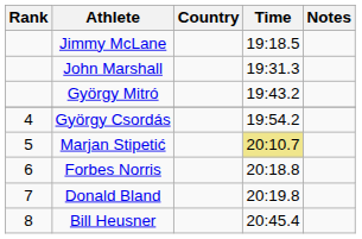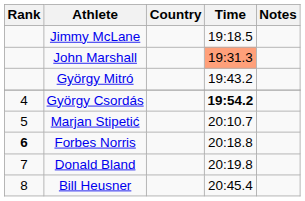 <table class="wikitable sortable" style="text-align:center">
 <tr>
 <th>Rank</th>
 <th>Athlete</th>
 <th>Country</th>
 <th>Time</th>
 <th>Notes</th>
 </tr>
 <tr>
 <td></td>
 <td><a href='#'>Jimmy McLane</a></td>
 <td align=left></td>
 <td>19:18.5</td>
 <td><strong> </strong></td>
 </tr>
 <tr>
 <td></td>
 <td><a href='#'>John Marshall</a></td>
 <td align=left></td>
-<td>19:31.3</td>
+<td style="background: lightsalmon;">19:31.3</td>
 <td><strong> </strong></td>
 </tr>
 <tr>
 <td></td>
 <td><a href='#'>György Mitró</a></td>
 <td align=left></td>
 <td>19:43.2</td>
 <td><strong> </strong></td>
 </tr>
 <tr>
 </tr>
 <tr>
 <td>4</td>
 <td><a href='#'>György Csordás</a></td>
 <td align=left></td>
-<td>19:54.2</td>
+<td><strong>19:54.2</strong></td>
 <td><strong> </strong></td>
 </tr>
 <tr>
 <td>5</td>
 <td><a href='#'>Marjan Stipetić</a></td>
 <td align=left></td>
-<td style="background: khaki;">20:10.7</td>
+<td>20:10.7</td>
 <td><strong> </strong></td>
 </tr>
 <tr>
-<td>6</td>
+<td><strong>6</strong></td>
 <td><a href='#'>Forbes Norris</a></td>
 <td align=left></td>
 <td>20:18.8</td>
 <td><strong> </strong></td>
 </tr>
 <tr>
 <td>7</td>
 <td><a href='#'>Donald Bland</a></td>
 <td align=left></td>
 <td>20:19.8</td>
 <td><strong> </strong></td>
 </tr>
 <tr>
 <td>8</td>
 <td><a href='#'>Bill Heusner</a></td>
 <td align=left></td>
 <td>20:45.4</td>
 <td><strong> </strong></td>
 </tr>
 </table>
